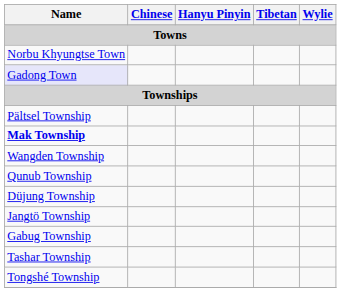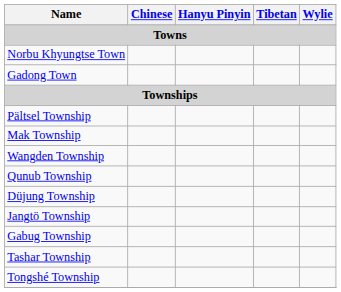 <table class="wikitable"  style="font-size:90%;" align=center>
 <tr>
 <th>Name</th>
 <th><a href='#'>Chinese</a></th>
 <th><a href='#'>Hanyu Pinyin</a></th>
 <th><a href='#'>Tibetan</a></th>
 <th><a href='#'>Wylie</a></th>
 </tr>
 <tr --------->
 <td colspan="7"  style="text-align:center; background:#d3d3d3;"><strong>Towns</strong></td>
 </tr>
 <tr --------->
 <td><a href='#'>Norbu Khyungtse Town</a></td>
 <td></td>
 <td></td>
 <td></td>
 <td></td>
 </tr>
 <tr>
-<td style="background: lavender;"><a href='#'>Gadong Town</a></td>
+<td><a href='#'>Gadong Town</a></td>
 <td></td>
 <td></td>
 <td></td>
 <td></td>
 </tr>
 <tr --------->
 <td colspan="7"  style="text-align:center; background:#d3d3d3;"><strong>Townships</strong></td>
 </tr>
 <tr --------->
 <td><a href='#'>Pältsel Township</a></td>
 <td></td>
 <td></td>
 <td></td>
 <td></td>
 </tr>
 <tr>
-<td><strong><a href='#'>Mak Township</a></strong></td>
+<td><a href='#'>Mak Township</a></td>
 <td></td>
 <td></td>
 <td></td>
 <td></td>
 </tr>
 <tr>
 <td><a href='#'>Wangden Township</a></td>
 <td></td>
 <td></td>
 <td></td>
 <td></td>
 </tr>
 <tr>
 <td><a href='#'>Qunub Township</a></td>
 <td></td>
 <td></td>
 <td></td>
 <td></td>
 </tr>
 <tr>
 <td><a href='#'>Düjung Township</a></td>
 <td></td>
 <td></td>
 <td></td>
 <td></td>
 </tr>
 <tr>
 <td><a href='#'>Jangtö Township</a></td>
 <td></td>
 <td></td>
 <td></td>
 <td></td>
 </tr>
 <tr>
 <td><a href='#'>Gabug Township</a></td>
 <td></td>
 <td></td>
 <td></td>
 <td></td>
 </tr>
 <tr>
 <td><a href='#'>Tashar Township</a></td>
 <td></td>
 <td></td>
 <td></td>
 <td></td>
 </tr>
 <tr>
 <td><a href='#'>Tongshé Township</a></td>
 <td></td>
 <td></td>
 <td></td>
 <td></td>
 </tr>
 <tr>
 </tr>
 </table>
